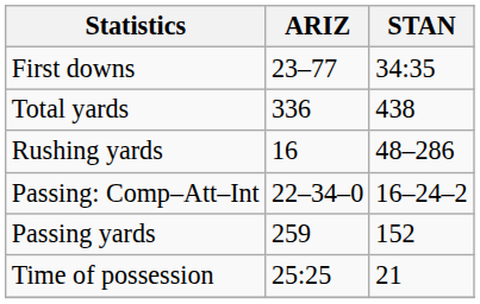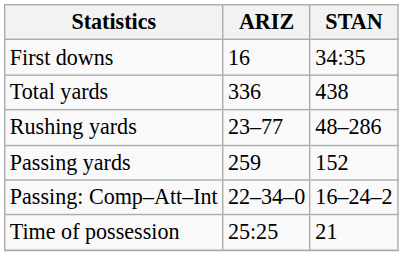 <table class="wikitable" style="float: left;">
 <tr>
 <th>Statistics</th>
 <th>ARIZ</th>
 <th>STAN</th>
 </tr>
 <tr>
 <td>First downs</td>
-<td>23–77</td>
+<td>16</td>
 <td>34:35</td>
 </tr>
 <tr>
 <td>Total yards</td>
 <td>336</td>
 <td>438</td>
 </tr>
 <tr>
 <td>Rushing yards</td>
-<td>16</td>
+<td>23–77</td>
 <td>48–286</td>
+</tr>
+<tr>
+<td>Passing yards</td>
+<td>259</td>
+<td>152</td>
 </tr>
 <tr>
 <td>Passing: Comp–Att–Int</td>
 <td>22–34–0</td>
 <td>16–24–2</td>
-</tr>
-<tr>
-<td>Passing yards</td>
-<td>259</td>
-<td>152</td>
 </tr>
 <tr>
 <td>Time of possession</td>
 <td>25:25</td>
 <td>21</td>
 </tr>
 <tr>
 </tr>
 </table>
